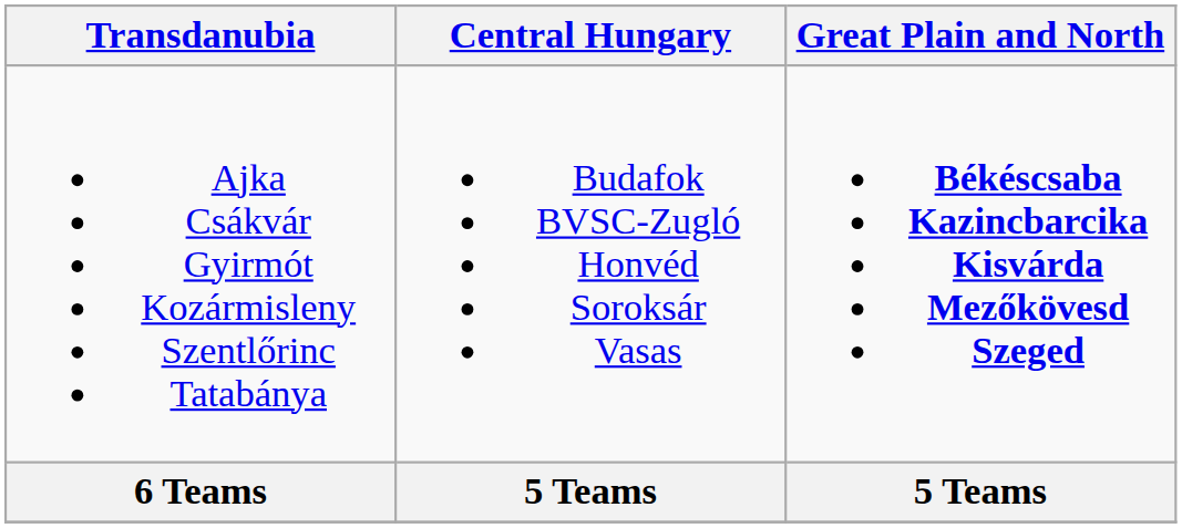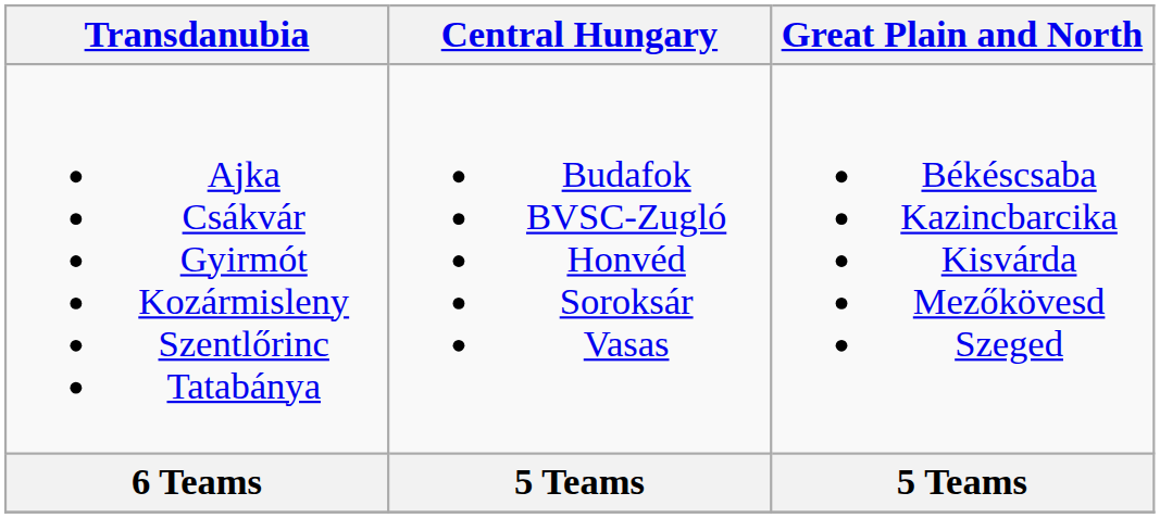 <table class="wikitable" style="clear:right;white-space:nowrap;">
 <tr>
 <th width="33%"><a href='#'>Transdanubia</a></th>
 <th width="33%"><a href='#'>Central Hungary</a></th>
 <th width="33%"><a href='#'>Great Plain and North</a></th>
 </tr>
 <tr align="center" valign="top">
 <td><br><ul><li><a href='#'>Ajka</a></li><li><a href='#'>Csákvár</a></li><li><a href='#'>Gyirmót</a></li><li><a href='#'>Kozármisleny</a></li><li><a href='#'>Szentlőrinc</a></li><li><a href='#'>Tatabánya</a></li></ul></td>
 <td><br><ul><li><a href='#'>Budafok</a></li><li><a href='#'>BVSC-Zugló</a></li><li><a href='#'>Honvéd</a></li><li><a href='#'>Soroksár</a></li><li><a href='#'>Vasas</a></li></ul></td>
-<td><strong><br><ul><li><a href='#'>Békéscsaba</a></li><li><a href='#'>Kazincbarcika</a></li><li><a href='#'>Kisvárda</a></li><li><a href='#'>Mezőkövesd</a></li><li><a href='#'>Szeged</a></li></ul></strong></td>
+<td><br><ul><li><a href='#'>Békéscsaba</a></li><li><a href='#'>Kazincbarcika</a></li><li><a href='#'>Kisvárda</a></li><li><a href='#'>Mezőkövesd</a></li><li><a href='#'>Szeged</a></li></ul></td>
 </tr>
 <tr>
 <th>6 Teams</th>
 <th>5 Teams</th>
 <th>5 Teams</th>
 </tr>
 <tr>
 </tr>
 </table>
